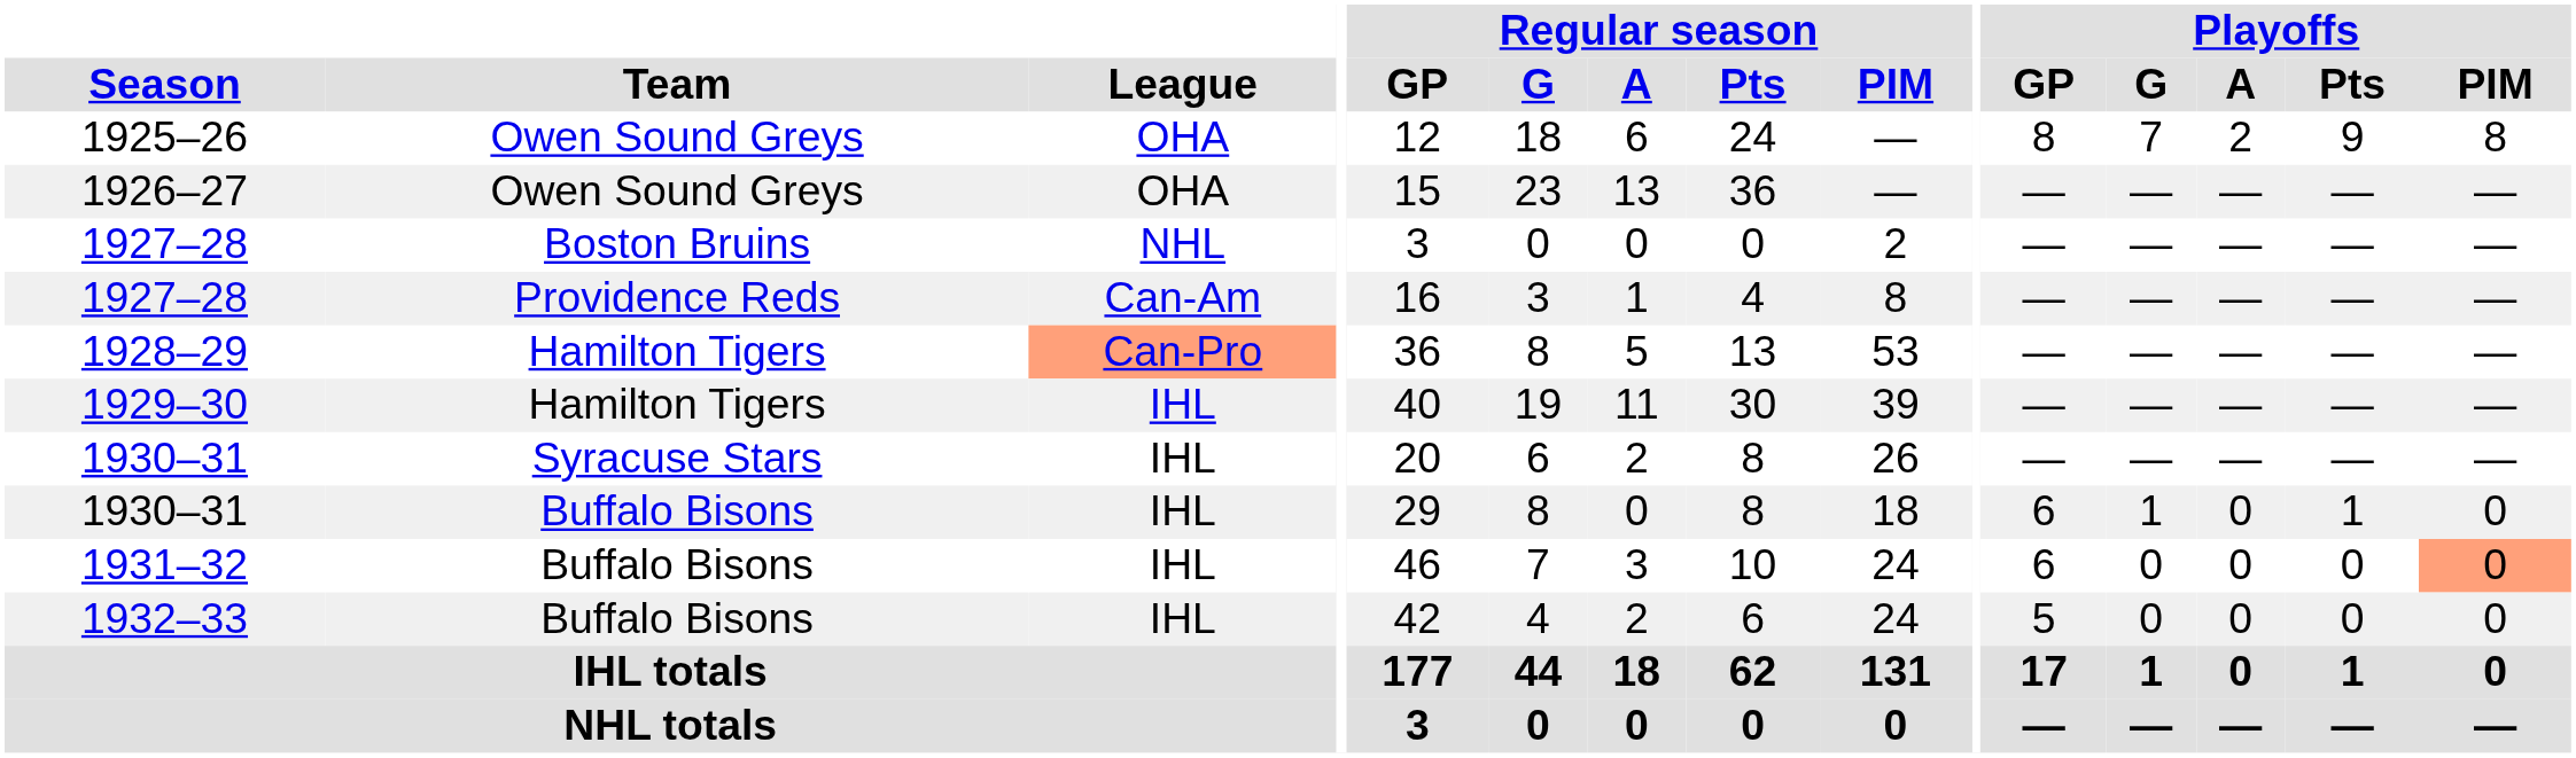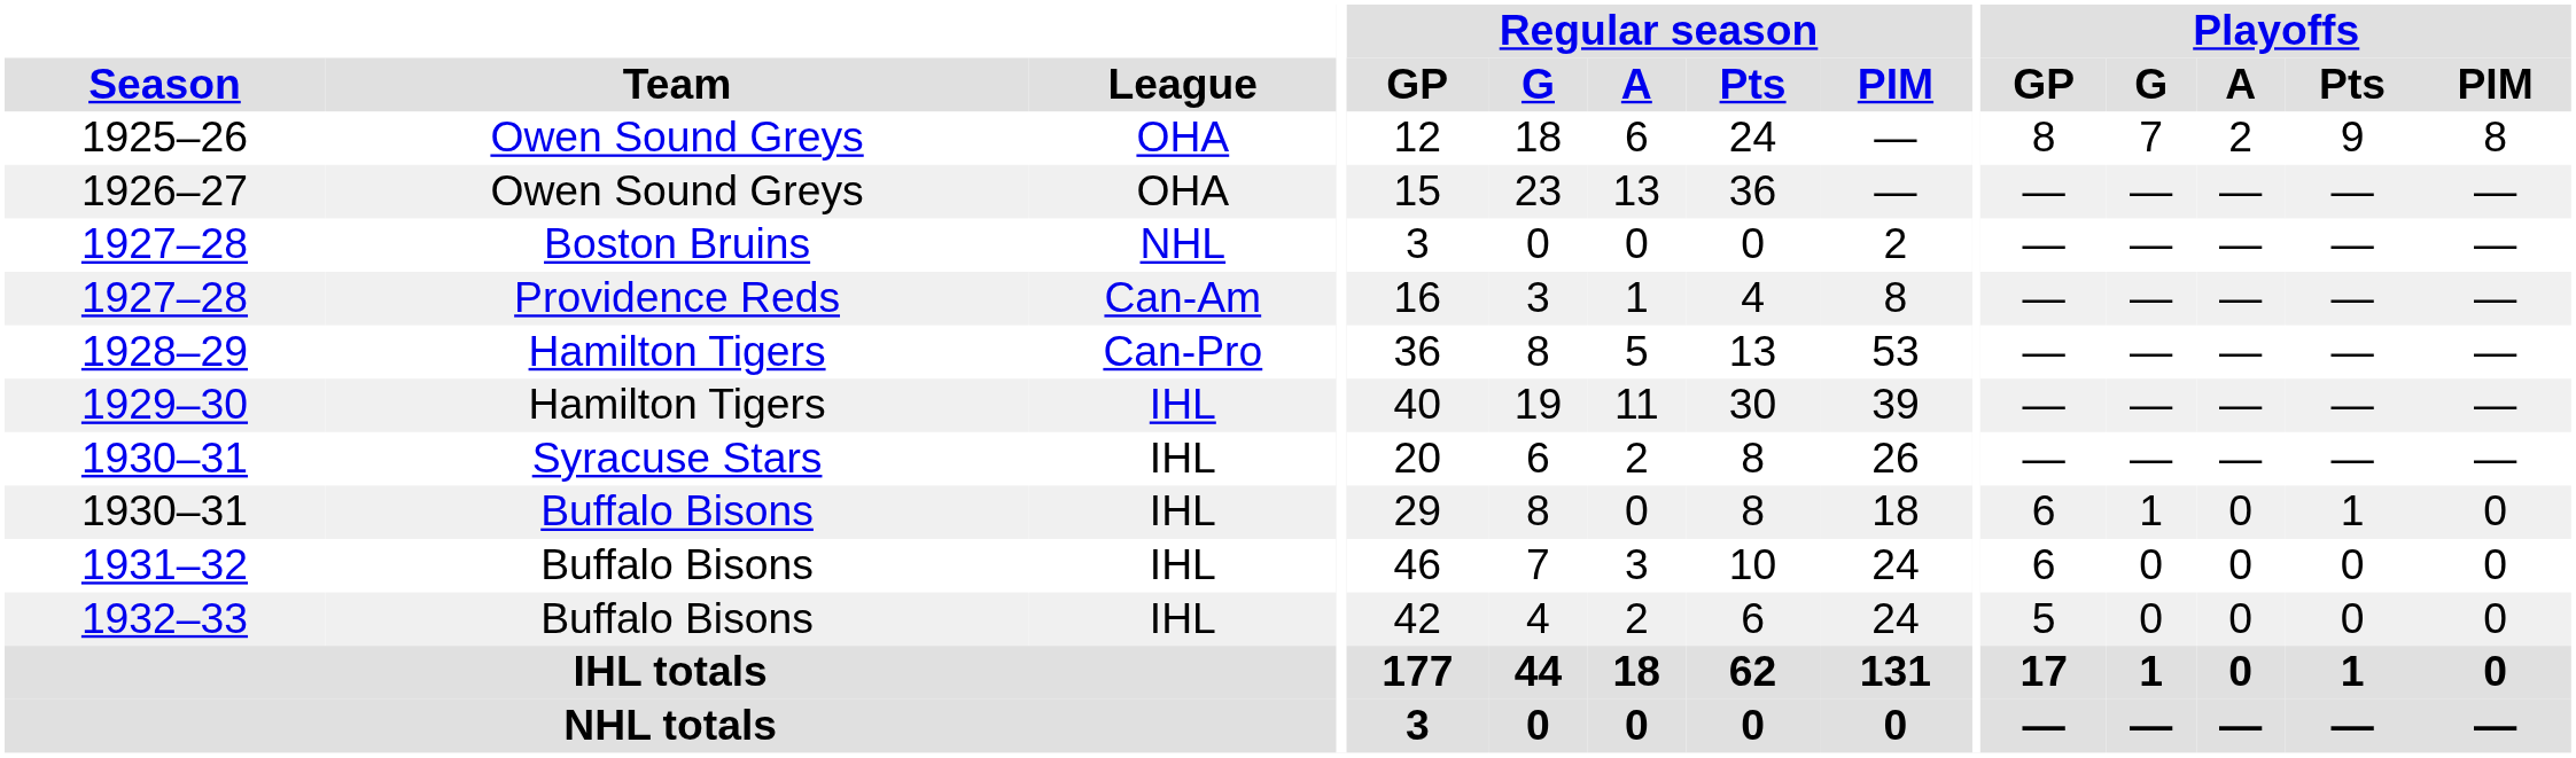 <table border="0" cellpadding="1" cellspacing="0" style="text-align:center; width:60em">
 <tr bgcolor="#e0e0e0">
 <th colspan="3" bgcolor="#ffffff"></th>
 <th rowspan="100" bgcolor="#ffffff"></th>
 <th colspan="5"><a href='#'>Regular season</a></th>
 <th rowspan="100" bgcolor="#ffffff"></th>
 <th colspan="5"><a href='#'>Playoffs</a></th>
 </tr>
 <tr bgcolor="#e0e0e0">
 <th><a href='#'>Season</a></th>
 <th>Team</th>
 <th>League</th>
 <th>GP</th>
 <th><a href='#'>G</a></th>
 <th><a href='#'>A</a></th>
 <th><a href='#'>Pts</a></th>
 <th><a href='#'>PIM</a></th>
 <th>GP</th>
 <th>G</th>
 <th>A</th>
 <th>Pts</th>
 <th>PIM</th>
 </tr>
 <tr>
 <td>1925–26</td>
 <td><a href='#'>Owen Sound Greys</a></td>
 <td><a href='#'>OHA</a></td>
 <td>12</td>
 <td>18</td>
 <td>6</td>
 <td>24</td>
 <td>—</td>
 <td>8</td>
 <td>7</td>
 <td>2</td>
 <td>9</td>
 <td>8</td>
 </tr>
 <tr bgcolor="#f0f0f0">
 <td>1926–27</td>
 <td>Owen Sound Greys</td>
 <td>OHA</td>
 <td>15</td>
 <td>23</td>
 <td>13</td>
 <td>36</td>
 <td>—</td>
 <td>—</td>
 <td>—</td>
 <td>—</td>
 <td>—</td>
 <td>—</td>
 </tr>
 <tr>
 <td><a href='#'>1927–28</a></td>
 <td><a href='#'>Boston Bruins</a></td>
 <td><a href='#'>NHL</a></td>
 <td>3</td>
 <td>0</td>
 <td>0</td>
 <td>0</td>
 <td>2</td>
 <td>—</td>
 <td>—</td>
 <td>—</td>
 <td>—</td>
 <td>—</td>
 </tr>
 <tr bgcolor="#f0f0f0">
 <td><a href='#'>1927–28</a></td>
 <td><a href='#'>Providence Reds</a></td>
 <td><a href='#'>Can-Am</a></td>
 <td>16</td>
 <td>3</td>
 <td>1</td>
 <td>4</td>
 <td>8</td>
 <td>—</td>
 <td>—</td>
 <td>—</td>
 <td>—</td>
 <td>—</td>
 </tr>
 <tr>
 <td><a href='#'>1928–29</a></td>
 <td><a href='#'>Hamilton Tigers</a></td>
-<td style="background: lightsalmon;"><a href='#'>Can-Pro</a></td>
+<td><a href='#'>Can-Pro</a></td>
 <td>36</td>
 <td>8</td>
 <td>5</td>
 <td>13</td>
 <td>53</td>
 <td>—</td>
 <td>—</td>
 <td>—</td>
 <td>—</td>
 <td>—</td>
 </tr>
 <tr bgcolor="#f0f0f0">
 <td><a href='#'>1929–30</a></td>
 <td>Hamilton Tigers</td>
 <td><a href='#'>IHL</a></td>
 <td>40</td>
 <td>19</td>
 <td>11</td>
 <td>30</td>
 <td>39</td>
 <td>—</td>
 <td>—</td>
 <td>—</td>
 <td>—</td>
 <td>—</td>
 </tr>
 <tr>
 <td><a href='#'>1930–31</a></td>
 <td><a href='#'>Syracuse Stars</a></td>
 <td>IHL</td>
 <td>20</td>
 <td>6</td>
 <td>2</td>
 <td>8</td>
 <td>26</td>
 <td>—</td>
 <td>—</td>
 <td>—</td>
 <td>—</td>
 <td>—</td>
 </tr>
 <tr bgcolor="#f0f0f0">
 <td>1930–31</td>
 <td><a href='#'>Buffalo Bisons</a></td>
 <td>IHL</td>
 <td>29</td>
 <td>8</td>
 <td>0</td>
 <td>8</td>
 <td>18</td>
 <td>6</td>
 <td>1</td>
 <td>0</td>
 <td>1</td>
 <td>0</td>
 </tr>
 <tr>
 <td><a href='#'>1931–32</a></td>
 <td>Buffalo Bisons</td>
 <td>IHL</td>
 <td>46</td>
 <td>7</td>
 <td>3</td>
 <td>10</td>
 <td>24</td>
 <td>6</td>
 <td>0</td>
 <td>0</td>
 <td>0</td>
-<td style="background: lightsalmon;">0</td>
+<td>0</td>
 </tr>
 <tr bgcolor="#f0f0f0">
 <td><a href='#'>1932–33</a></td>
 <td>Buffalo Bisons</td>
 <td>IHL</td>
 <td>42</td>
 <td>4</td>
 <td>2</td>
 <td>6</td>
 <td>24</td>
 <td>5</td>
 <td>0</td>
 <td>0</td>
 <td>0</td>
 <td>0</td>
 </tr>
 <tr bgcolor="#e0e0e0">
 <th colspan="3">IHL totals</th>
 <th>177</th>
 <th>44</th>
 <th>18</th>
 <th>62</th>
 <th>131</th>
 <th>17</th>
 <th>1</th>
 <th>0</th>
 <th>1</th>
 <th>0</th>
 </tr>
 <tr bgcolor="#e0e0e0">
 <th colspan="3">NHL totals</th>
 <th>3</th>
 <th>0</th>
 <th>0</th>
 <th>0</th>
 <th>0</th>
 <th>—</th>
 <th>—</th>
 <th>—</th>
 <th>—</th>
 <th>—</th>
 </tr>
 </table>
